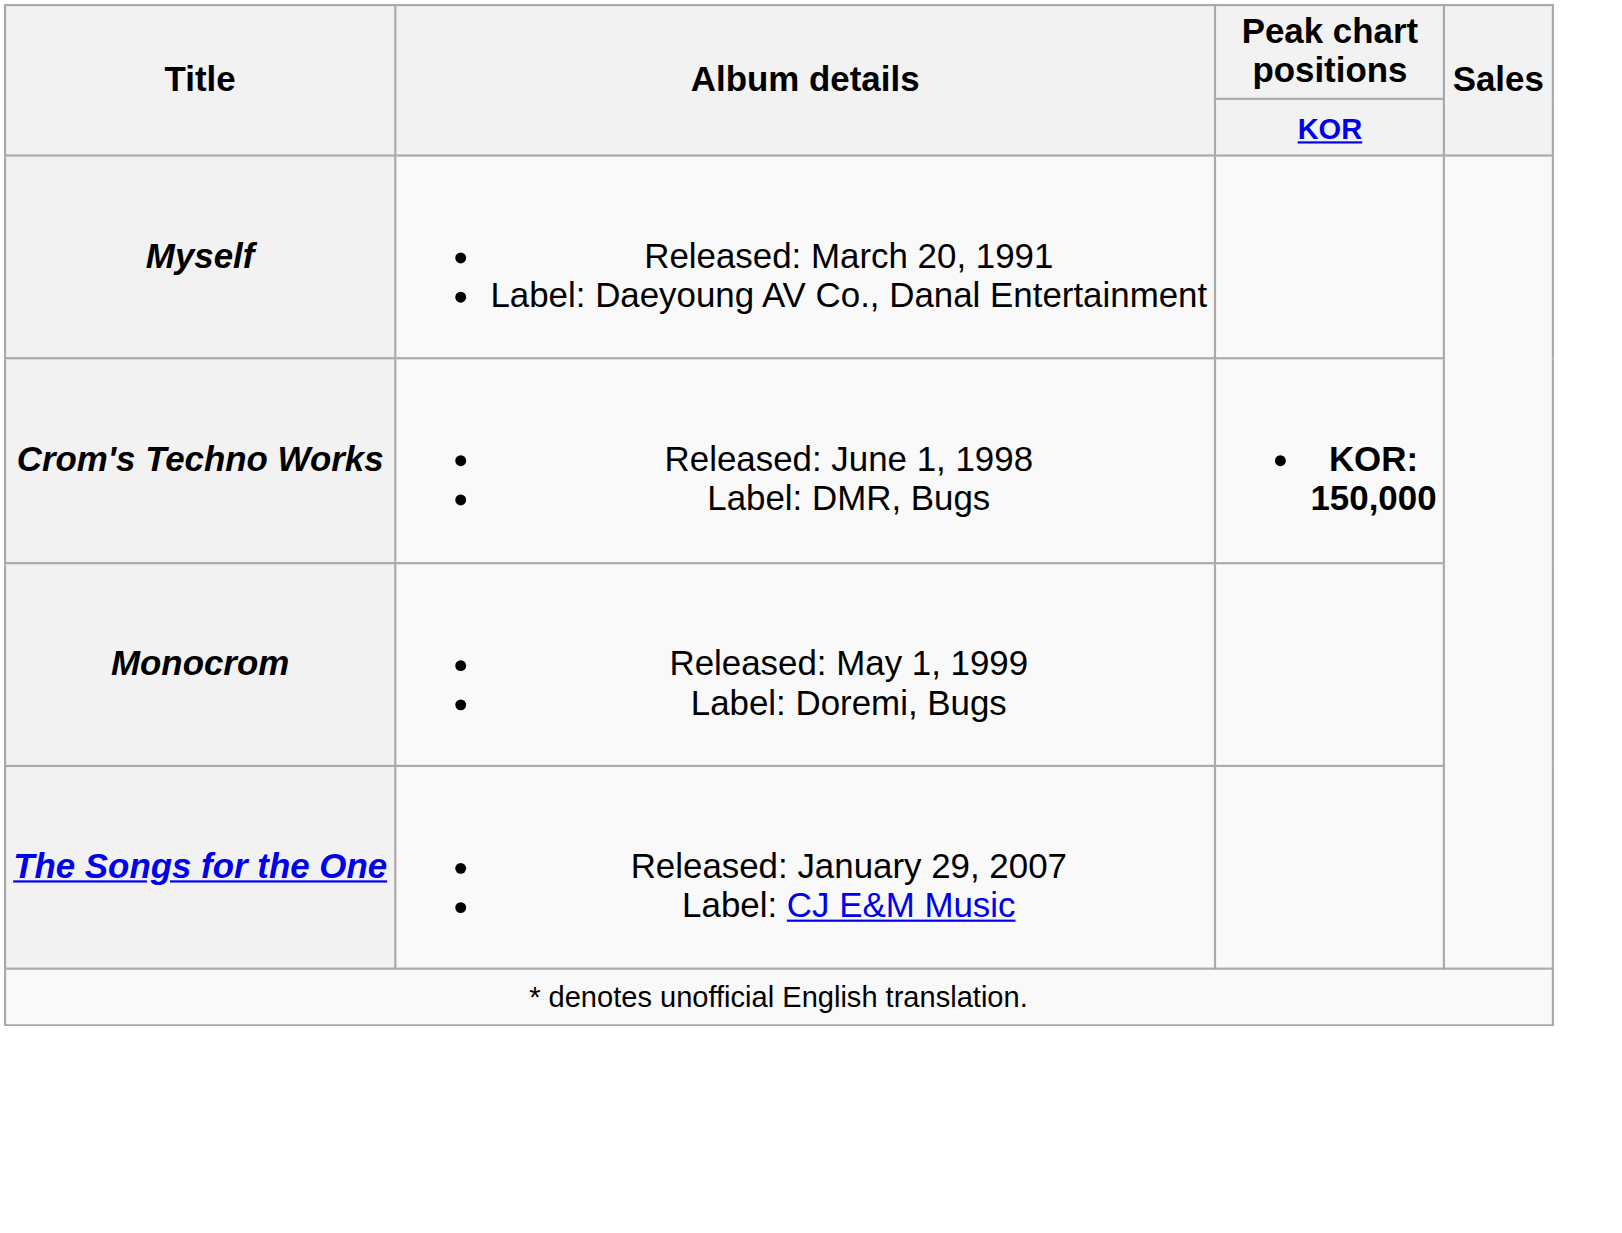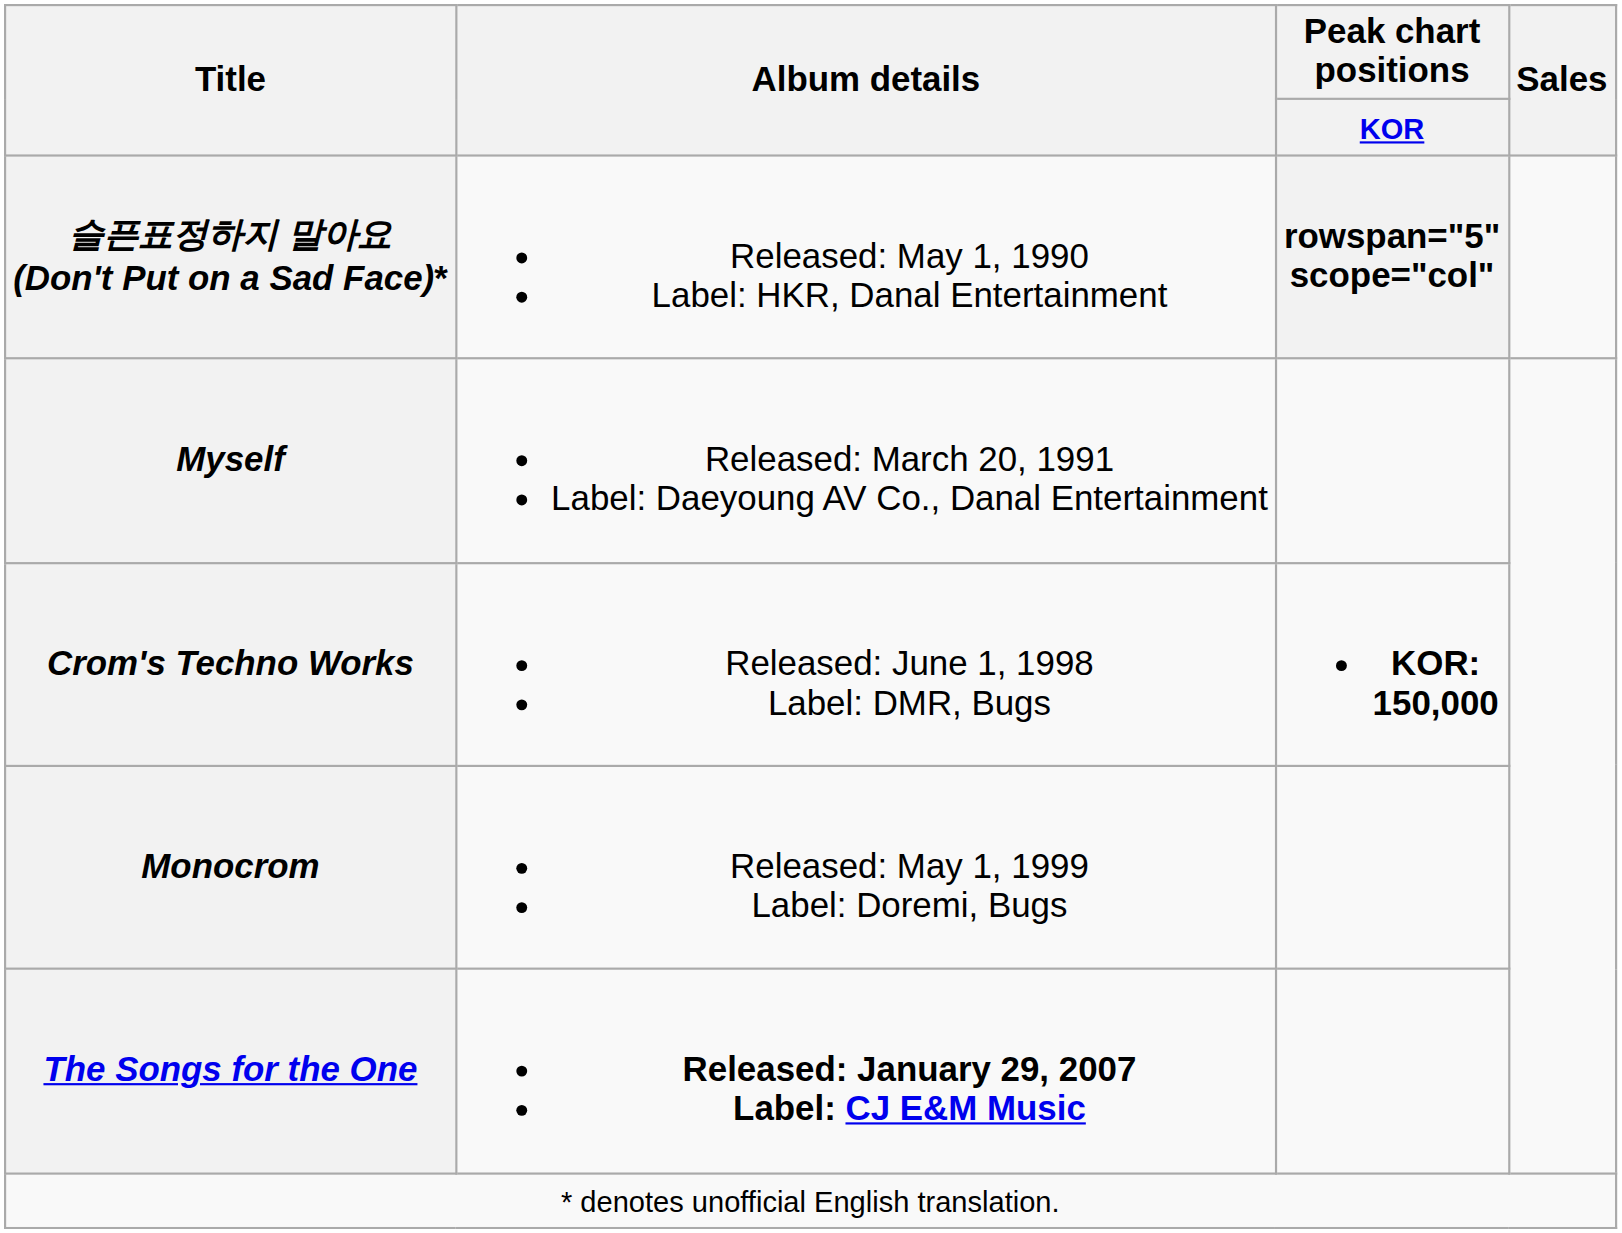 <table class="wikitable plainrowheaders" style="text-align:center;">
 <tr>
 <th rowspan="2" scope="col">Title</th>
 <th rowspan="2" scope="col">Album details</th>
 <th colspan="1" scope="col" style="width:5em;">Peak chart positions</th>
 <th rowspan="2" scope="col">Sales</th>
 </tr>
 <tr>
 <th><small><a href='#'>KOR</a></small></th>
+</tr>
+<tr>
+<th scope="row"><em>슬픈표정하지 말아요</em><br><em>(Don't Put on a Sad Face)</em>*</th>
+<td><br><ul><li>Released: May 1, 1990</li><li>Label: HKR, Danal Entertainment</li></ul></td>
+<th>rowspan="5" scope="col" </th>
+<td></td>
 </tr>
 <tr>
 <th scope="row"><em>Myself</em></th>
 <td><br><ul><li>Released: March 20, 1991</li><li>Label: Daeyoung AV Co., Danal Entertainment</li></ul></td>
 <td></td>
 </tr>
 <tr>
 <th scope="row"><em>Crom's Techno Works</em></th>
 <td><br><ul><li>Released: June 1, 1998</li><li>Label: DMR, Bugs</li></ul></td>
 <td><strong><br><ul><li>KOR: 150,000</li></ul></strong></td>
 </tr>
 <tr>
 <th scope="row"><em>Monocrom</em></th>
 <td><br><ul><li>Released: May 1, 1999</li><li>Label: Doremi, Bugs</li></ul></td>
 <td></td>
 </tr>
 <tr>
 <th scope="row"><em><a href='#'>The Songs for the One</a></em></th>
-<td><br><ul><li>Released: January 29, 2007</li><li>Label: <a href='#'>CJ E&M Music</a></li></ul></td>
+<td><strong><br><ul><li>Released: January 29, 2007</li><li>Label: <a href='#'>CJ E&M Music</a></li></ul></strong></td>
 <td></td>
 </tr>
 <tr>
 <td colspan="4" align="center"><small>* denotes unofficial English translation.</small></td>
 </tr>
 </table>
